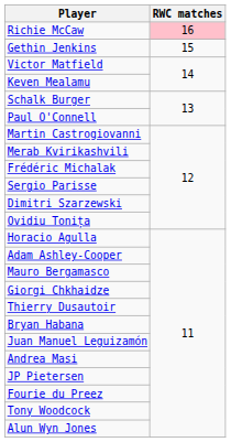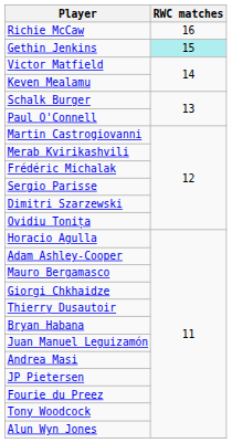 <table class="wikitable" style="text-align:center">
 <tr>
 <th>Player</th>
 <th>RWC matches</th>
 </tr>
 <tr>
 <td align="left"> <a href='#'>Richie McCaw</a></td>
-<td style="background: pink;">16</td>
+<td>16</td>
 </tr>
 <tr>
 <td align="left"> <a href='#'>Gethin Jenkins</a></td>
-<td>15</td>
+<td style="background: paleturquoise;">15</td>
 </tr>
 <tr>
 <td align="left"> <a href='#'>Victor Matfield</a></td>
 <td rowspan=2>14</td>
 </tr>
 <tr>
 <td align="left"> <a href='#'>Keven Mealamu</a></td>
 </tr>
 <tr>
 <td align="left"> <a href='#'>Schalk Burger</a></td>
 <td rowspan=2>13</td>
 </tr>
 <tr>
 <td align="left"> <a href='#'>Paul O'Connell</a></td>
 </tr>
 <tr>
 <td align="left"> <a href='#'>Martin Castrogiovanni</a></td>
 <td rowspan=6>12</td>
 </tr>
 <tr>
 <td align="left"> <a href='#'>Merab Kvirikashvili</a></td>
 </tr>
 <tr>
 <td align="left"> <a href='#'>Frédéric Michalak</a></td>
 </tr>
 <tr>
 <td align="left"> <a href='#'>Sergio Parisse</a></td>
 </tr>
 <tr>
 <td align="left"> <a href='#'>Dimitri Szarzewski</a></td>
 </tr>
 <tr>
 <td align="left"> <a href='#'>Ovidiu Tonița</a></td>
 </tr>
 <tr>
 <td align="left"> <a href='#'>Horacio Agulla</a></td>
 <td rowspan=12>11</td>
 </tr>
 <tr>
 <td align="left"> <a href='#'>Adam Ashley-Cooper</a></td>
 </tr>
 <tr>
 <td align="left"> <a href='#'>Mauro Bergamasco</a></td>
 </tr>
 <tr>
 <td align="left"> <a href='#'>Giorgi Chkhaidze</a></td>
 </tr>
 <tr>
 <td align="left"> <a href='#'>Thierry Dusautoir</a></td>
 </tr>
 <tr>
 <td align="left"> <a href='#'>Bryan Habana</a></td>
 </tr>
 <tr>
 <td align="left"> <a href='#'>Juan Manuel Leguizamón</a></td>
 </tr>
 <tr>
 <td align="left"> <a href='#'>Andrea Masi</a></td>
 </tr>
 <tr>
 <td align="left"> <a href='#'>JP Pietersen</a></td>
 </tr>
 <tr>
 <td align="left"> <a href='#'>Fourie du Preez</a></td>
 </tr>
 <tr>
 <td align="left"> <a href='#'>Tony Woodcock</a></td>
 </tr>
 <tr>
 <td align="left"> <a href='#'>Alun Wyn Jones</a></td>
 </tr>
 </table>
